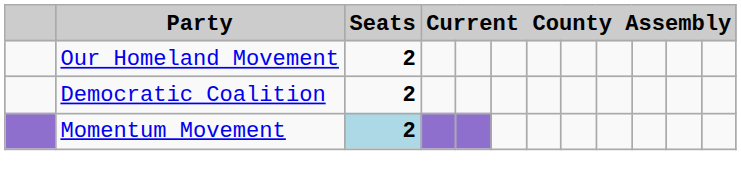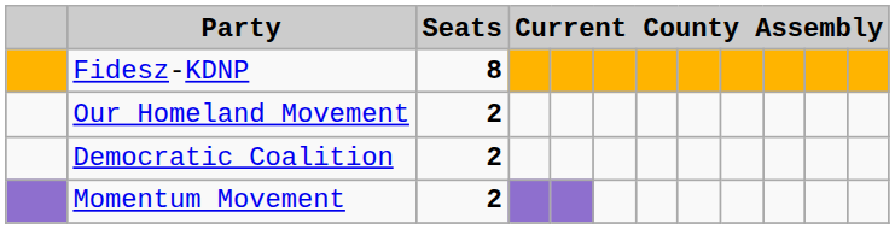 <table class="wikitable">
 <tr>
 <th style="background:#ccc">   </th>
 <th style="background:#ccc">Party</th>
 <th style="background:#ccc">Seats</th>
 <th style="background:#ccc" colspan="9">Current County Assembly</th>
+</tr>
+<tr>
+<td style="background-color: #FFB400"> </td>
+<td><a href='#'>Fidesz</a>-<a href='#'>KDNP</a></td>
+<td style="text-align: right"><strong>8</strong></td>
+<td style="background-color: #FFB400"> </td>
+<td style="background-color: #FFB400"> </td>
+<td style="background-color: #FFB400"> </td>
+<td style="background-color: #FFB400"> </td>
+<td style="background-color: #FFB400"> </td>
+<td style="background-color: #FFB400"> </td>
+<td style="background-color: #FFB400"> </td>
+<td style="background-color: #FFB400"> </td>
+<td style="background-color: #FFB400"> </td>
 </tr>
 <tr>
 <td style="background-color: "> </td>
 <td><a href='#'>Our Homeland Movement</a></td>
 <td style="text-align: right"><strong>2</strong></td>
 <td style="background-color: "> </td>
 <td style="background-color: "> </td>
 <td> </td>
 <td> </td>
 <td> </td>
 <td> </td>
 <td> </td>
 <td> </td>
 <td> </td>
 </tr>
 <tr>
 <td style="background-color: "> </td>
 <td><a href='#'>Democratic Coalition</a></td>
 <td style="text-align: right"><strong>2</strong></td>
 <td style="background-color: "> </td>
 <td style="background-color: "> </td>
 <td> </td>
 <td> </td>
 <td> </td>
 <td> </td>
 <td> </td>
 <td> </td>
 <td> </td>
 </tr>
 <tr>
 <td style="background-color: #8E6FCE"> </td>
 <td><a href='#'>Momentum Movement</a></td>
-<td style="background: lightblue; text-align: right"><strong>2</strong></td>
+<td style="text-align: right"><strong>2</strong></td>
 <td style="background-color: #8E6FCE"> </td>
 <td style="background-color: #8E6FCE"> </td>
 <td> </td>
 <td> </td>
 <td> </td>
 <td> </td>
 <td> </td>
 <td> </td>
 <td> </td>
 </tr>
 </table>
